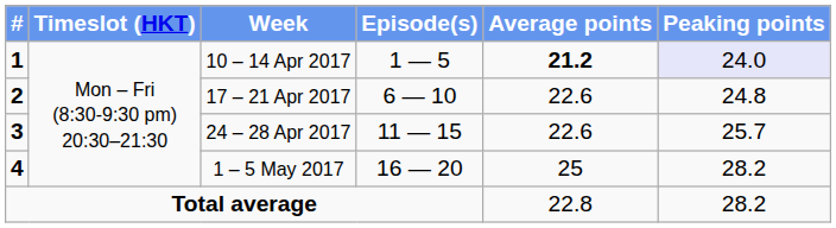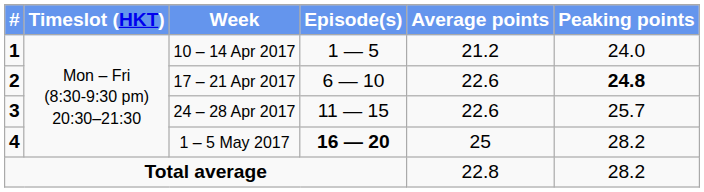 <table class="wikitable" style="text-align:center;">
 <tr style="background:cornflowerblue; color:white" align="center">
 </tr>
 <tr>
 <th style="background:cornflowerblue; color:white" align="center">#</th>
 <th style="background:cornflowerblue; color:white" align="center">Timeslot (<a href='#'>HKT</a>)</th>
 <th style="background:cornflowerblue; color:white" align="center">Week</th>
 <th style="background:cornflowerblue; color:white" align="center">Episode(s)</th>
 <th style="background:cornflowerblue; color:white" align="center">Average points</th>
 <th style="background:cornflowerblue; color:white" align="center">Peaking points</th>
 </tr>
 <tr>
 <td><strong>1</strong></td>
 <td rowspan="4"><small>Mon – Fri<br>(8:30-9:30 pm)<br>20:30–21:30</small></td>
 <td><small>10 – 14 Apr 2017</small></td>
 <td>1 — 5</td>
-<td><strong>21.2</strong></td>
-<td style="background: lavender;">24.0</td>
+<td>21.2</td>
+<td>24.0</td>
 </tr>
 <tr>
 <td><strong>2</strong></td>
 <td><small>17 – 21 Apr 2017</small></td>
 <td>6 — 10</td>
 <td>22.6</td>
-<td>24.8</td>
+<td><strong>24.8</strong></td>
 </tr>
 <tr>
 <td><strong>3</strong></td>
 <td><small>24 – 28 Apr 2017</small></td>
 <td>11 — 15</td>
 <td>22.6</td>
 <td>25.7</td>
 </tr>
 <tr>
 <td><strong>4</strong></td>
 <td><small>1 – 5 May 2017</small></td>
-<td>16 — 20</td>
+<td><strong>16 — 20</strong></td>
 <td>25</td>
 <td>28.2</td>
 </tr>
 <tr>
 <td colspan="4"><strong>Total average</strong></td>
 <td>22.8</td>
 <td>28.2</td>
 </tr>
 </table>
